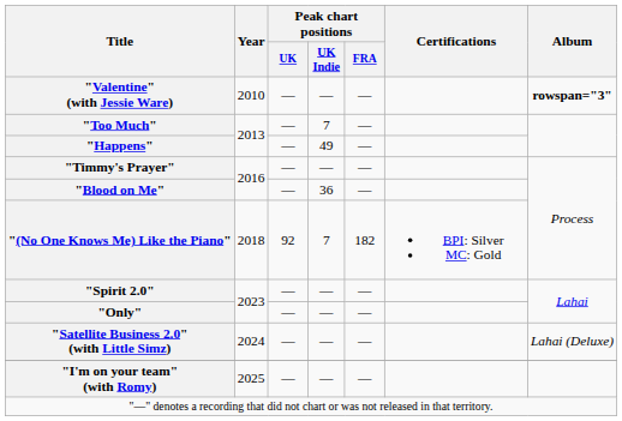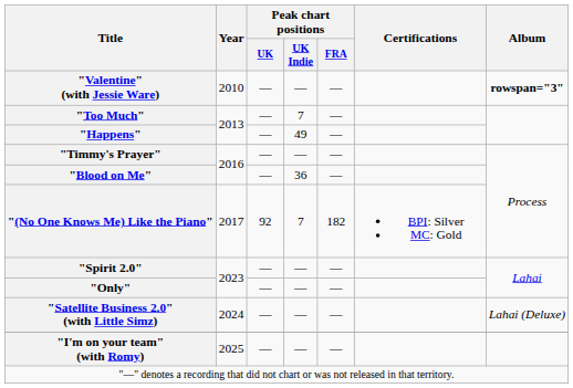 <table class="wikitable plainrowheaders" style="text-align:center;">
 <tr>
 <th rowspan="2" scope="col">Title</th>
 <th rowspan="2" scope="col">Year</th>
 <th colspan="3" scope="col">Peak chart positions</th>
 <th rowspan="2" scope="col" style="width:10em;">Certifications</th>
 <th rowspan="2" scope="col">Album</th>
 </tr>
 <tr>
 <th scope="col" style="width:3em;font-size:85%;"><a href='#'>UK</a><br></th>
 <th scope="col" style="width:2.5em;font-size:90%;"><a href='#'>UK<br>Indie</a><br></th>
 <th scope="col" style="width:3em;font-size:85%;"><a href='#'>FRA</a><br></th>
 </tr>
 <tr>
 <th scope="row">"<a href='#'>Valentine</a>"<br><span>(with <a href='#'>Jessie Ware</a>)</span></th>
 <td>2010</td>
 <td>—</td>
 <td>—</td>
 <td>—</td>
 <td></td>
 <td><strong>rowspan="3" </strong></td>
 </tr>
 <tr>
 <th scope="row">"<a href='#'>Too Much</a>"</th>
 <td rowspan="2">2013</td>
 <td>—</td>
 <td>7</td>
 <td>—</td>
 <td></td>
 </tr>
 <tr>
 <th scope="row">"<a href='#'>Happens</a>"</th>
 <td>—</td>
 <td>49</td>
 <td>—</td>
 <td></td>
 </tr>
 <tr>
 <th scope="row">"Timmy's Prayer"</th>
 <td rowspan="2">2016</td>
 <td>—</td>
 <td>—</td>
 <td>—</td>
 <td></td>
 <td rowspan="3"><em>Process</em></td>
 </tr>
 <tr>
 <th scope="row">"<a href='#'>Blood on Me</a>"</th>
 <td>—</td>
 <td>36</td>
 <td>—</td>
 <td></td>
 </tr>
 <tr>
 <th scope="row">"<a href='#'>(No One Knows Me) Like the Piano</a>"</th>
-<td>2018</td>
+<td>2017</td>
 <td>92</td>
 <td>7</td>
 <td>182</td>
 <td><br><ul><li><a href='#'>BPI</a>: Silver</li><li><a href='#'>MC</a>: Gold</li></ul></td>
 </tr>
 <tr>
 <th scope="row">"Spirit 2.0"</th>
 <td rowspan="2">2023</td>
 <td>—</td>
 <td>—</td>
 <td>—</td>
 <td></td>
 <td rowspan="2"><em><a href='#'>Lahai</a></em></td>
 </tr>
 <tr>
 <th scope="row">"Only"</th>
 <td>—</td>
 <td>—</td>
 <td>—</td>
 <td><br></td>
 </tr>
 <tr>
 <th scope="row">"<a href='#'>Satellite Business 2.0</a>"<br><span>(with <a href='#'>Little Simz</a>)</span></th>
 <td>2024</td>
 <td>—</td>
 <td>—</td>
 <td>—</td>
 <td></td>
 <td><em>Lahai (Deluxe)</em><br></td>
 </tr>
 <tr>
 </tr>
 <tr>
 <th scope="row">"I'm on your team"<br><span>(with <a href='#'>Romy</a>)</span></th>
 <td>2025</td>
 <td>—</td>
 <td>—</td>
 <td>—</td>
 <td></td>
 <td><em></em><br></td>
 </tr>
 <tr>
 <td colspan="16" style="font-size:85%">"—" denotes a recording that did not chart or was not released in that territory.</td>
 </tr>
 </table>
